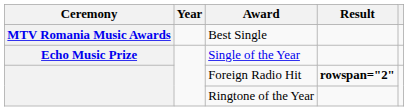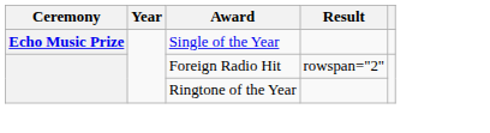 <table class="wikitable plainrowheaders">
 <tr>
 <th>Ceremony</th>
 <th>Year</th>
 <th>Award</th>
 <th>Result</th>
 <th></th>
-</tr>
-<tr>
-<th scope="row"><a href='#'>MTV Romania Music Awards</a></th>
-<td></td>
-<td>Best Single</td>
-<td></td>
-<td></td>
 </tr>
 <tr>
 <th scope="row"><a href='#'>Echo Music Prize</a></th>
 <td rowspan="3"></td>
 <td><a href='#'>Single of the Year</a></td>
 <td></td>
 <td></td>
 </tr>
 <tr>
 <th scope="row" rowspan="2"></th>
 <td>Foreign Radio Hit</td>
-<td><strong>rowspan="2" </strong></td>
+<td>rowspan="2" </td>
 <td rowspan="2"></td>
 </tr>
 <tr>
 <td>Ringtone of the Year</td>
 </tr>
 </table>
